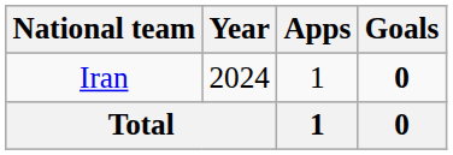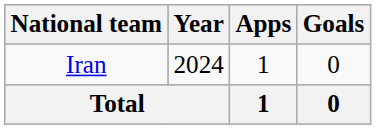 <table class="wikitable" style="text-align:center">
 <tr>
 <th>National team</th>
 <th>Year</th>
 <th>Apps</th>
 <th>Goals</th>
 </tr>
 <tr>
 <td><a href='#'>Iran</a></td>
 <td>2024</td>
 <td>1</td>
-<td><strong>0</strong></td>
+<td>0</td>
 </tr>
 <tr>
 <th colspan="2">Total</th>
 <th>1</th>
 <th>0</th>
 </tr>
 </table>
